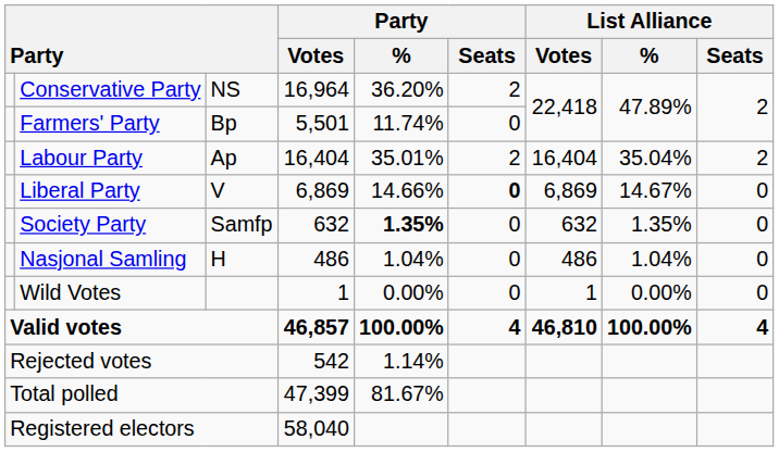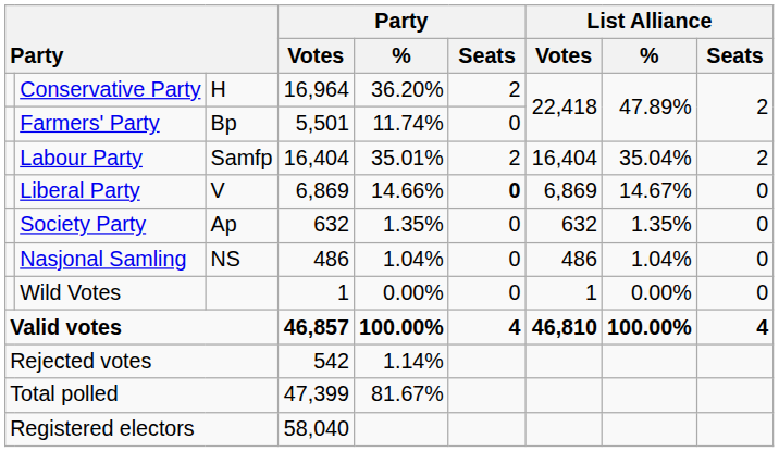 <table class="wikitable" border="1" style="text-align:right;">
 <tr>
 <th style="text-align:left;" valign=bottom rowspan=2 colspan=3>Party</th>
 <th colspan=3>Party</th>
 <th colspan=3>List Alliance</th>
 </tr>
 <tr>
 <th align=center valign=bottom width="50">Votes</th>
 <th align=center valign=bottom width="50">%</th>
 <th align=center valign=bottom width="50">Seats</th>
 <th align=center valign=bottom width="50">Votes</th>
 <th align=center valign=bottom width="50">%</th>
 <th align=center valign=bottom width="50">Seats</th>
 </tr>
 <tr>
 <td style="color:inherit;background:"></td>
 <td align=left><a href='#'>Conservative Party</a></td>
-<td align=left>NS</td>
+<td align=left>H</td>
 <td>16,964</td>
 <td>36.20%</td>
 <td>2</td>
 <td rowspan=2>22,418</td>
 <td rowspan=2>47.89%</td>
 <td rowspan=2>2</td>
 </tr>
 <tr>
 <td style="color:inherit;background:"></td>
 <td align=left><a href='#'>Farmers' Party</a></td>
 <td align=left>Bp</td>
 <td>5,501</td>
 <td>11.74%</td>
 <td>0</td>
 </tr>
 <tr>
 <td style="color:inherit;background:"></td>
 <td align=left><a href='#'>Labour Party</a></td>
-<td align=left>Ap</td>
+<td align=left>Samfp</td>
 <td>16,404</td>
 <td>35.01%</td>
 <td>2</td>
 <td>16,404</td>
 <td>35.04%</td>
 <td>2</td>
 </tr>
 <tr>
 <td style="color:inherit;background:"></td>
 <td align=left><a href='#'>Liberal Party</a></td>
 <td align=left>V</td>
 <td>6,869</td>
 <td>14.66%</td>
 <td><strong>0</strong></td>
 <td>6,869</td>
 <td>14.67%</td>
 <td>0</td>
 </tr>
 <tr>
 <td></td>
 <td align=left><a href='#'>Society Party</a></td>
-<td align=left>Samfp</td>
+<td align=left>Ap</td>
 <td>632</td>
-<td><strong>1.35%</strong></td>
+<td>1.35%</td>
 <td>0</td>
 <td>632</td>
 <td>1.35%</td>
 <td>0</td>
 </tr>
 <tr>
 <td style="color:inherit;background:"></td>
 <td align=left><a href='#'>Nasjonal Samling</a></td>
-<td align=left>H</td>
+<td align=left>NS</td>
 <td>486</td>
 <td>1.04%</td>
 <td>0</td>
 <td>486</td>
 <td>1.04%</td>
 <td>0</td>
 </tr>
 <tr>
 <td></td>
 <td align=left>Wild Votes</td>
 <td align=left></td>
 <td>1</td>
 <td>0.00%</td>
 <td>0</td>
 <td>1</td>
 <td>0.00%</td>
 <td>0</td>
 </tr>
 <tr style="font-weight:bold">
 <td align=left colspan=3>Valid votes</td>
 <td>46,857</td>
 <td>100.00%</td>
 <td>4</td>
 <td>46,810</td>
 <td>100.00%</td>
 <td>4</td>
 </tr>
 <tr>
 <td align=left colspan=3>Rejected votes</td>
 <td>542</td>
 <td>1.14%</td>
 <td></td>
 <td></td>
 <td></td>
 <td></td>
 </tr>
 <tr>
 <td align=left colspan=3>Total polled</td>
 <td>47,399</td>
 <td>81.67%</td>
 <td></td>
 <td></td>
 <td></td>
 <td></td>
 </tr>
 <tr>
 <td align=left colspan=3>Registered electors</td>
 <td>58,040</td>
 <td></td>
 <td></td>
 <td></td>
 <td></td>
 <td></td>
 </tr>
 </table>
